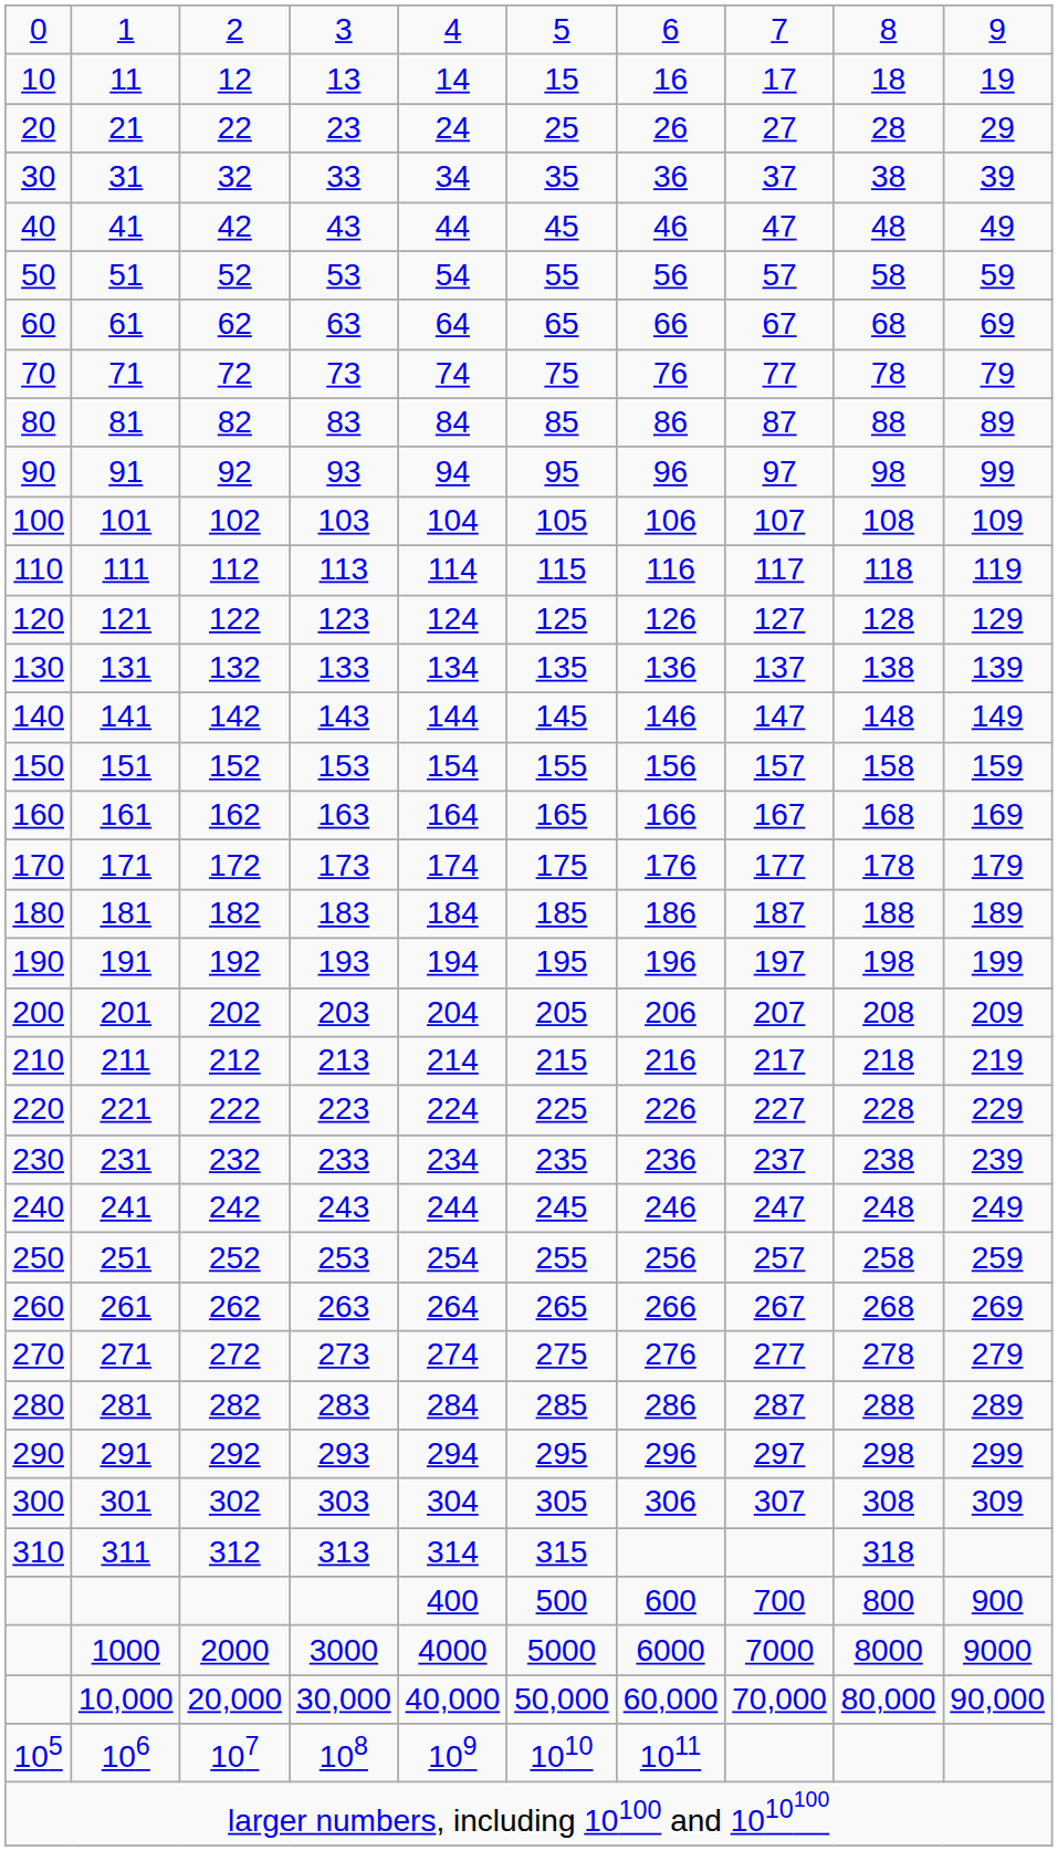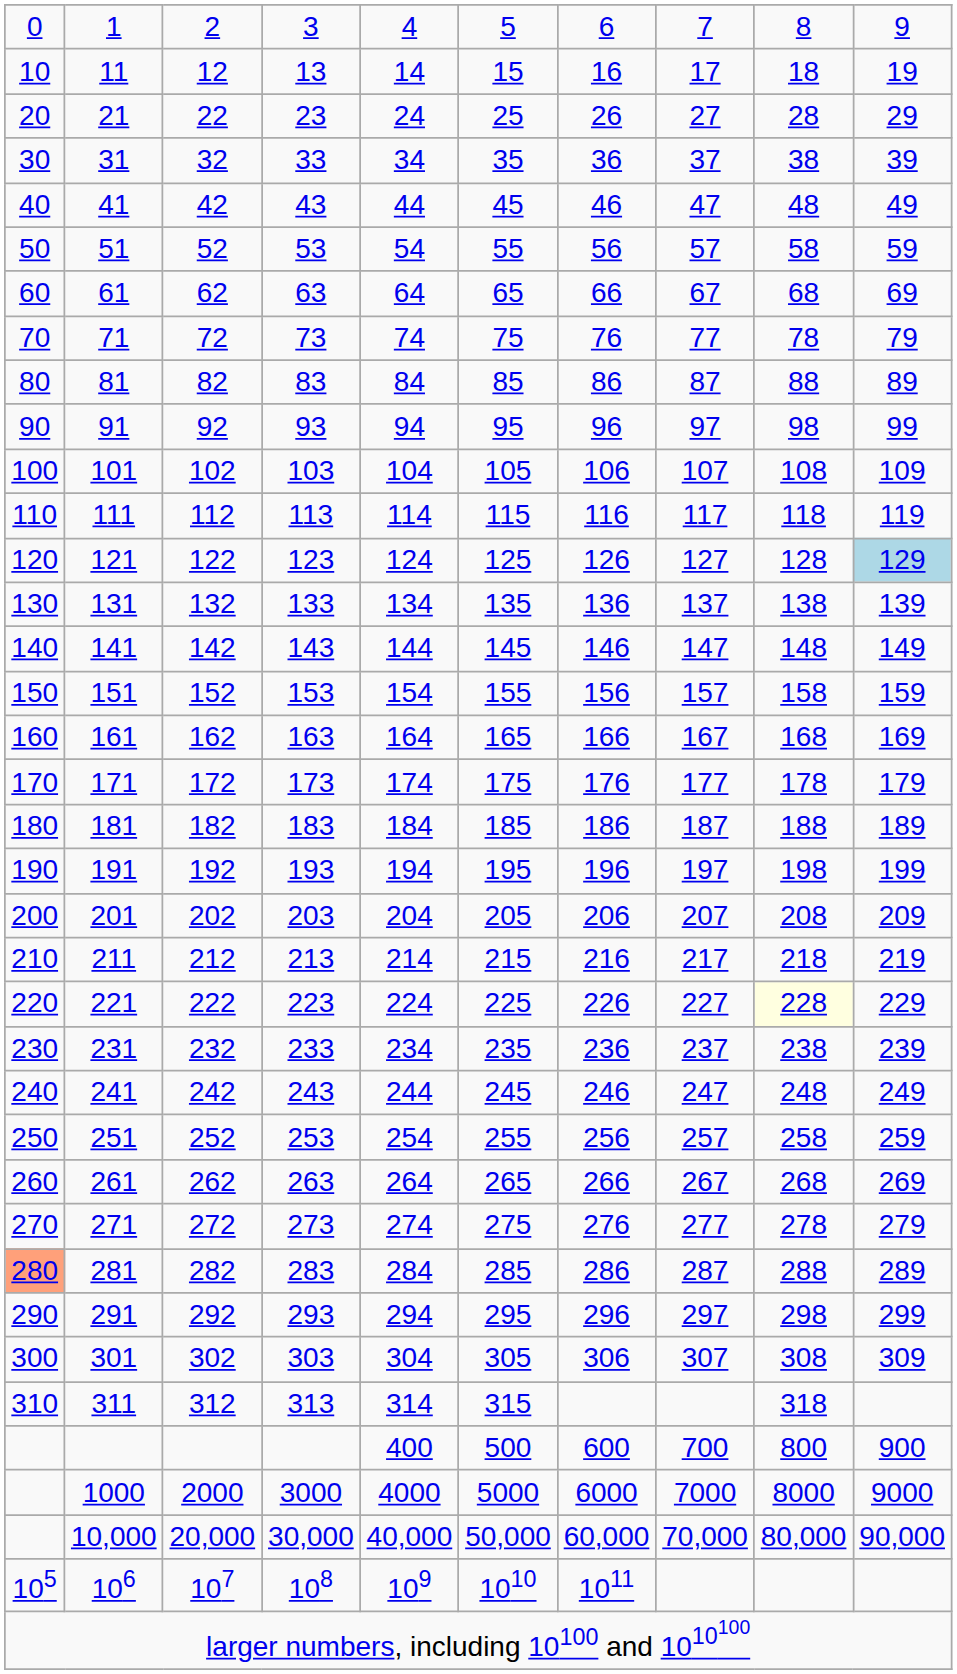 <table class="wikitable sortable mw-collapsible" style="text-align:center;">
 <tr>
 <td><a href='#'>0</a></td>
 <td><a href='#'>1</a></td>
 <td><a href='#'>2</a></td>
 <td><a href='#'>3</a></td>
 <td><a href='#'>4</a></td>
 <td><a href='#'>5</a></td>
 <td><a href='#'>6</a></td>
 <td><a href='#'>7</a></td>
 <td><a href='#'>8</a></td>
 <td><a href='#'>9</a></td>
 </tr>
 <tr>
 <td><a href='#'>10</a></td>
 <td><a href='#'>11</a></td>
 <td><a href='#'>12</a></td>
 <td><a href='#'>13</a></td>
 <td><a href='#'>14</a></td>
 <td><a href='#'>15</a></td>
 <td><a href='#'>16</a></td>
 <td><a href='#'>17</a></td>
 <td><a href='#'>18</a></td>
 <td><a href='#'>19</a></td>
 </tr>
 <tr>
 <td><a href='#'>20</a></td>
 <td><a href='#'>21</a></td>
 <td><a href='#'>22</a></td>
 <td><a href='#'>23</a></td>
 <td><a href='#'>24</a></td>
 <td><a href='#'>25</a></td>
 <td><a href='#'>26</a></td>
 <td><a href='#'>27</a></td>
 <td><a href='#'>28</a></td>
 <td><a href='#'>29</a></td>
 </tr>
 <tr>
 <td><a href='#'>30</a></td>
 <td><a href='#'>31</a></td>
 <td><a href='#'>32</a></td>
 <td><a href='#'>33</a></td>
 <td><a href='#'>34</a></td>
 <td><a href='#'>35</a></td>
 <td><a href='#'>36</a></td>
 <td><a href='#'>37</a></td>
 <td><a href='#'>38</a></td>
 <td><a href='#'>39</a></td>
 </tr>
 <tr>
 <td><a href='#'>40</a></td>
 <td><a href='#'>41</a></td>
 <td><a href='#'>42</a></td>
 <td><a href='#'>43</a></td>
 <td><a href='#'>44</a></td>
 <td><a href='#'>45</a></td>
 <td><a href='#'>46</a></td>
 <td><a href='#'>47</a></td>
 <td><a href='#'>48</a></td>
 <td><a href='#'>49</a></td>
 </tr>
 <tr>
 <td><a href='#'>50</a></td>
 <td><a href='#'>51</a></td>
 <td><a href='#'>52</a></td>
 <td><a href='#'>53</a></td>
 <td><a href='#'>54</a></td>
 <td><a href='#'>55</a></td>
 <td><a href='#'>56</a></td>
 <td><a href='#'>57</a></td>
 <td><a href='#'>58</a></td>
 <td><a href='#'>59</a></td>
 </tr>
 <tr>
 <td><a href='#'>60</a></td>
 <td><a href='#'>61</a></td>
 <td><a href='#'>62</a></td>
 <td><a href='#'>63</a></td>
 <td><a href='#'>64</a></td>
 <td><a href='#'>65</a></td>
 <td><a href='#'>66</a></td>
 <td><a href='#'>67</a></td>
 <td><a href='#'>68</a></td>
 <td><a href='#'>69</a></td>
 </tr>
 <tr>
 <td><a href='#'>70</a></td>
 <td><a href='#'>71</a></td>
 <td><a href='#'>72</a></td>
 <td><a href='#'>73</a></td>
 <td><a href='#'>74</a></td>
 <td><a href='#'>75</a></td>
 <td><a href='#'>76</a></td>
 <td><a href='#'>77</a></td>
 <td><a href='#'>78</a></td>
 <td><a href='#'>79</a></td>
 </tr>
 <tr>
 <td><a href='#'>80</a></td>
 <td><a href='#'>81</a></td>
 <td><a href='#'>82</a></td>
 <td><a href='#'>83</a></td>
 <td><a href='#'>84</a></td>
 <td><a href='#'>85</a></td>
 <td><a href='#'>86</a></td>
 <td><a href='#'>87</a></td>
 <td><a href='#'>88</a></td>
 <td><a href='#'>89</a></td>
 </tr>
 <tr>
 <td><a href='#'>90</a></td>
 <td><a href='#'>91</a></td>
 <td><a href='#'>92</a></td>
 <td><a href='#'>93</a></td>
 <td><a href='#'>94</a></td>
 <td><a href='#'>95</a></td>
 <td><a href='#'>96</a></td>
 <td><a href='#'>97</a></td>
 <td><a href='#'>98</a></td>
 <td><a href='#'>99</a></td>
 </tr>
 <tr>
 <td><a href='#'>100</a></td>
 <td><a href='#'>101</a></td>
 <td><a href='#'>102</a></td>
 <td><a href='#'>103</a></td>
 <td><a href='#'>104</a></td>
 <td><a href='#'>105</a></td>
 <td><a href='#'>106</a></td>
 <td><a href='#'>107</a></td>
 <td><a href='#'>108</a></td>
 <td><a href='#'>109</a></td>
 </tr>
 <tr>
 <td><a href='#'>110</a></td>
 <td><a href='#'>111</a></td>
 <td><a href='#'>112</a></td>
 <td><a href='#'>113</a></td>
 <td><a href='#'>114</a></td>
 <td><a href='#'>115</a></td>
 <td><a href='#'>116</a></td>
 <td><a href='#'>117</a></td>
 <td><a href='#'>118</a></td>
 <td><a href='#'>119</a></td>
 </tr>
 <tr>
 <td><a href='#'>120</a></td>
 <td><a href='#'>121</a></td>
 <td><a href='#'>122</a></td>
 <td><a href='#'>123</a></td>
 <td><a href='#'>124</a></td>
 <td><a href='#'>125</a></td>
 <td><a href='#'>126</a></td>
 <td><a href='#'>127</a></td>
 <td><a href='#'>128</a></td>
-<td><a href='#'>129</a></td>
+<td style="background: lightblue;"><a href='#'>129</a></td>
 </tr>
 <tr>
 <td><a href='#'>130</a></td>
 <td><a href='#'>131</a></td>
 <td><a href='#'>132</a></td>
 <td><a href='#'>133</a></td>
 <td><a href='#'>134</a></td>
 <td><a href='#'>135</a></td>
 <td><a href='#'>136</a></td>
 <td><a href='#'>137</a></td>
 <td><a href='#'>138</a></td>
 <td><a href='#'>139</a></td>
 </tr>
 <tr>
 <td><a href='#'>140</a></td>
 <td><a href='#'>141</a></td>
 <td><a href='#'>142</a></td>
 <td><a href='#'>143</a></td>
 <td><a href='#'>144</a></td>
 <td><a href='#'>145</a></td>
 <td><a href='#'>146</a></td>
 <td><a href='#'>147</a></td>
 <td><a href='#'>148</a></td>
 <td><a href='#'>149</a></td>
 </tr>
 <tr>
 <td><a href='#'>150</a></td>
 <td><a href='#'>151</a></td>
 <td><a href='#'>152</a></td>
 <td><a href='#'>153</a></td>
 <td><a href='#'>154</a></td>
 <td><a href='#'>155</a></td>
 <td><a href='#'>156</a></td>
 <td><a href='#'>157</a></td>
 <td><a href='#'>158</a></td>
 <td><a href='#'>159</a></td>
 </tr>
 <tr>
 <td><a href='#'>160</a></td>
 <td><a href='#'>161</a></td>
 <td><a href='#'>162</a></td>
 <td><a href='#'>163</a></td>
 <td><a href='#'>164</a></td>
 <td><a href='#'>165</a></td>
 <td><a href='#'>166</a></td>
 <td><a href='#'>167</a></td>
 <td><a href='#'>168</a></td>
 <td><a href='#'>169</a></td>
 </tr>
 <tr>
 <td><a href='#'>170</a></td>
 <td><a href='#'>171</a></td>
 <td><a href='#'>172</a></td>
 <td><a href='#'>173</a></td>
 <td><a href='#'>174</a></td>
 <td><a href='#'>175</a></td>
 <td><a href='#'>176</a></td>
 <td><a href='#'>177</a></td>
 <td><a href='#'>178</a></td>
 <td><a href='#'>179</a></td>
 </tr>
 <tr>
 <td><a href='#'>180</a></td>
 <td><a href='#'>181</a></td>
 <td><a href='#'>182</a></td>
 <td><a href='#'>183</a></td>
 <td><a href='#'>184</a></td>
 <td><a href='#'>185</a></td>
 <td><a href='#'>186</a></td>
 <td><a href='#'>187</a></td>
 <td><a href='#'>188</a></td>
 <td><a href='#'>189</a></td>
 </tr>
 <tr>
 <td><a href='#'>190</a></td>
 <td><a href='#'>191</a></td>
 <td><a href='#'>192</a></td>
 <td><a href='#'>193</a></td>
 <td><a href='#'>194</a></td>
 <td><a href='#'>195</a></td>
 <td><a href='#'>196</a></td>
 <td><a href='#'>197</a></td>
 <td><a href='#'>198</a></td>
 <td><a href='#'>199</a></td>
 </tr>
 <tr>
 <td><a href='#'>200</a></td>
 <td><a href='#'>201</a></td>
 <td><a href='#'>202</a></td>
 <td><a href='#'>203</a></td>
 <td><a href='#'>204</a></td>
 <td><a href='#'>205</a></td>
 <td><a href='#'>206</a></td>
 <td><a href='#'>207</a></td>
 <td><a href='#'>208</a></td>
 <td><a href='#'>209</a></td>
 </tr>
 <tr>
 <td><a href='#'>210</a></td>
 <td><a href='#'>211</a></td>
 <td><a href='#'>212</a></td>
 <td><a href='#'>213</a></td>
 <td><a href='#'>214</a></td>
 <td><a href='#'>215</a></td>
 <td><a href='#'>216</a></td>
 <td><a href='#'>217</a></td>
 <td><a href='#'>218</a></td>
 <td><a href='#'>219</a></td>
 </tr>
 <tr>
 <td><a href='#'>220</a></td>
 <td><a href='#'>221</a></td>
 <td><a href='#'>222</a></td>
 <td><a href='#'>223</a></td>
 <td><a href='#'>224</a></td>
 <td><a href='#'>225</a></td>
 <td><a href='#'>226</a></td>
 <td><a href='#'>227</a></td>
-<td><a href='#'>228</a></td>
+<td style="background: lightyellow;"><a href='#'>228</a></td>
 <td><a href='#'>229</a></td>
 </tr>
 <tr>
 <td><a href='#'>230</a></td>
 <td><a href='#'>231</a></td>
 <td><a href='#'>232</a></td>
 <td><a href='#'>233</a></td>
 <td><a href='#'>234</a></td>
 <td><a href='#'>235</a></td>
 <td><a href='#'>236</a></td>
 <td><a href='#'>237</a></td>
 <td><a href='#'>238</a></td>
 <td><a href='#'>239</a></td>
 </tr>
 <tr>
 <td><a href='#'>240</a></td>
 <td><a href='#'>241</a></td>
 <td><a href='#'>242</a></td>
 <td><a href='#'>243</a></td>
 <td><a href='#'>244</a></td>
 <td><a href='#'>245</a></td>
 <td><a href='#'>246</a></td>
 <td><a href='#'>247</a></td>
 <td><a href='#'>248</a></td>
 <td><a href='#'>249</a></td>
 </tr>
 <tr>
 <td><a href='#'>250</a></td>
 <td><a href='#'>251</a></td>
 <td><a href='#'>252</a></td>
 <td><a href='#'>253</a></td>
 <td><a href='#'>254</a></td>
 <td><a href='#'>255</a></td>
 <td><a href='#'>256</a></td>
 <td><a href='#'>257</a></td>
 <td><a href='#'>258</a></td>
 <td><a href='#'>259</a></td>
 </tr>
 <tr>
 <td><a href='#'>260</a></td>
 <td><a href='#'>261</a></td>
 <td><a href='#'>262</a></td>
 <td><a href='#'>263</a></td>
 <td><a href='#'>264</a></td>
 <td><a href='#'>265</a></td>
 <td><a href='#'>266</a></td>
 <td><a href='#'>267</a></td>
 <td><a href='#'>268</a></td>
 <td><a href='#'>269</a></td>
 </tr>
 <tr>
 <td><a href='#'>270</a></td>
 <td><a href='#'>271</a></td>
 <td><a href='#'>272</a></td>
 <td><a href='#'>273</a></td>
 <td><a href='#'>274</a></td>
 <td><a href='#'>275</a></td>
 <td><a href='#'>276</a></td>
 <td><a href='#'>277</a></td>
 <td><a href='#'>278</a></td>
 <td><a href='#'>279</a></td>
 </tr>
 <tr>
-<td><a href='#'>280</a></td>
+<td style="background: lightsalmon;"><a href='#'>280</a></td>
 <td><a href='#'>281</a></td>
 <td><a href='#'>282</a></td>
 <td><a href='#'>283</a></td>
 <td><a href='#'>284</a></td>
 <td><a href='#'>285</a></td>
 <td><a href='#'>286</a></td>
 <td><a href='#'>287</a></td>
 <td><a href='#'>288</a></td>
 <td><a href='#'>289</a></td>
 </tr>
 <tr>
 <td><a href='#'>290</a></td>
 <td><a href='#'>291</a></td>
 <td><a href='#'>292</a></td>
 <td><a href='#'>293</a></td>
 <td><a href='#'>294</a></td>
 <td><a href='#'>295</a></td>
 <td><a href='#'>296</a></td>
 <td><a href='#'>297</a></td>
 <td><a href='#'>298</a></td>
 <td><a href='#'>299</a></td>
 </tr>
 <tr>
 <td><a href='#'>300</a></td>
 <td><a href='#'>301</a></td>
 <td><a href='#'>302</a></td>
 <td><a href='#'>303</a></td>
 <td><a href='#'>304</a></td>
 <td><a href='#'>305</a></td>
 <td><a href='#'>306</a></td>
 <td><a href='#'>307</a></td>
 <td><a href='#'>308</a></td>
 <td><a href='#'>309</a></td>
 </tr>
 <tr>
 <td><a href='#'>310</a></td>
 <td><a href='#'>311</a></td>
 <td><a href='#'>312</a></td>
 <td><a href='#'>313</a></td>
 <td><a href='#'>314</a></td>
 <td><a href='#'>315</a></td>
 <td></td>
 <td></td>
 <td><a href='#'>318</a></td>
 <td></td>
 </tr>
 <tr>
 <td></td>
 <td></td>
 <td></td>
 <td></td>
 <td><a href='#'>400</a></td>
 <td><a href='#'>500</a></td>
 <td><a href='#'>600</a></td>
 <td><a href='#'>700</a></td>
 <td><a href='#'>800</a></td>
 <td><a href='#'>900</a></td>
 </tr>
 <tr>
 <td></td>
 <td><a href='#'>1000</a></td>
 <td><a href='#'>2000</a></td>
 <td><a href='#'>3000</a></td>
 <td><a href='#'>4000</a></td>
 <td><a href='#'>5000</a></td>
 <td><a href='#'>6000</a></td>
 <td><a href='#'>7000</a></td>
 <td><a href='#'>8000</a></td>
 <td><a href='#'>9000</a></td>
 </tr>
 <tr>
 <td></td>
 <td><a href='#'>10,000</a></td>
 <td><a href='#'>20,000</a></td>
 <td><a href='#'>30,000</a></td>
 <td><a href='#'>40,000</a></td>
 <td><a href='#'>50,000</a></td>
 <td><a href='#'>60,000</a></td>
 <td><a href='#'>70,000</a></td>
 <td><a href='#'>80,000</a></td>
 <td><a href='#'>90,000</a></td>
 </tr>
 <tr>
 <td><a href='#'>10<sup>5</sup></a></td>
 <td><a href='#'>10<sup>6</sup></a></td>
 <td><a href='#'>10<sup>7</sup></a></td>
 <td><a href='#'>10<sup>8</sup></a></td>
 <td><a href='#'>10<sup>9</sup></a></td>
 <td><a href='#'>10<sup>10</sup></a></td>
 <td><a href='#'>10<sup>11</sup></a></td>
 <td></td>
 <td></td>
 <td></td>
 </tr>
 <tr>
 <td colspan="10"><a href='#'>larger numbers</a>, including <a href='#'>10<sup>100</sup></a> and <a href='#'>10<sup>10<sup>100</sup></sup></a></td>
 </tr>
 </table>
